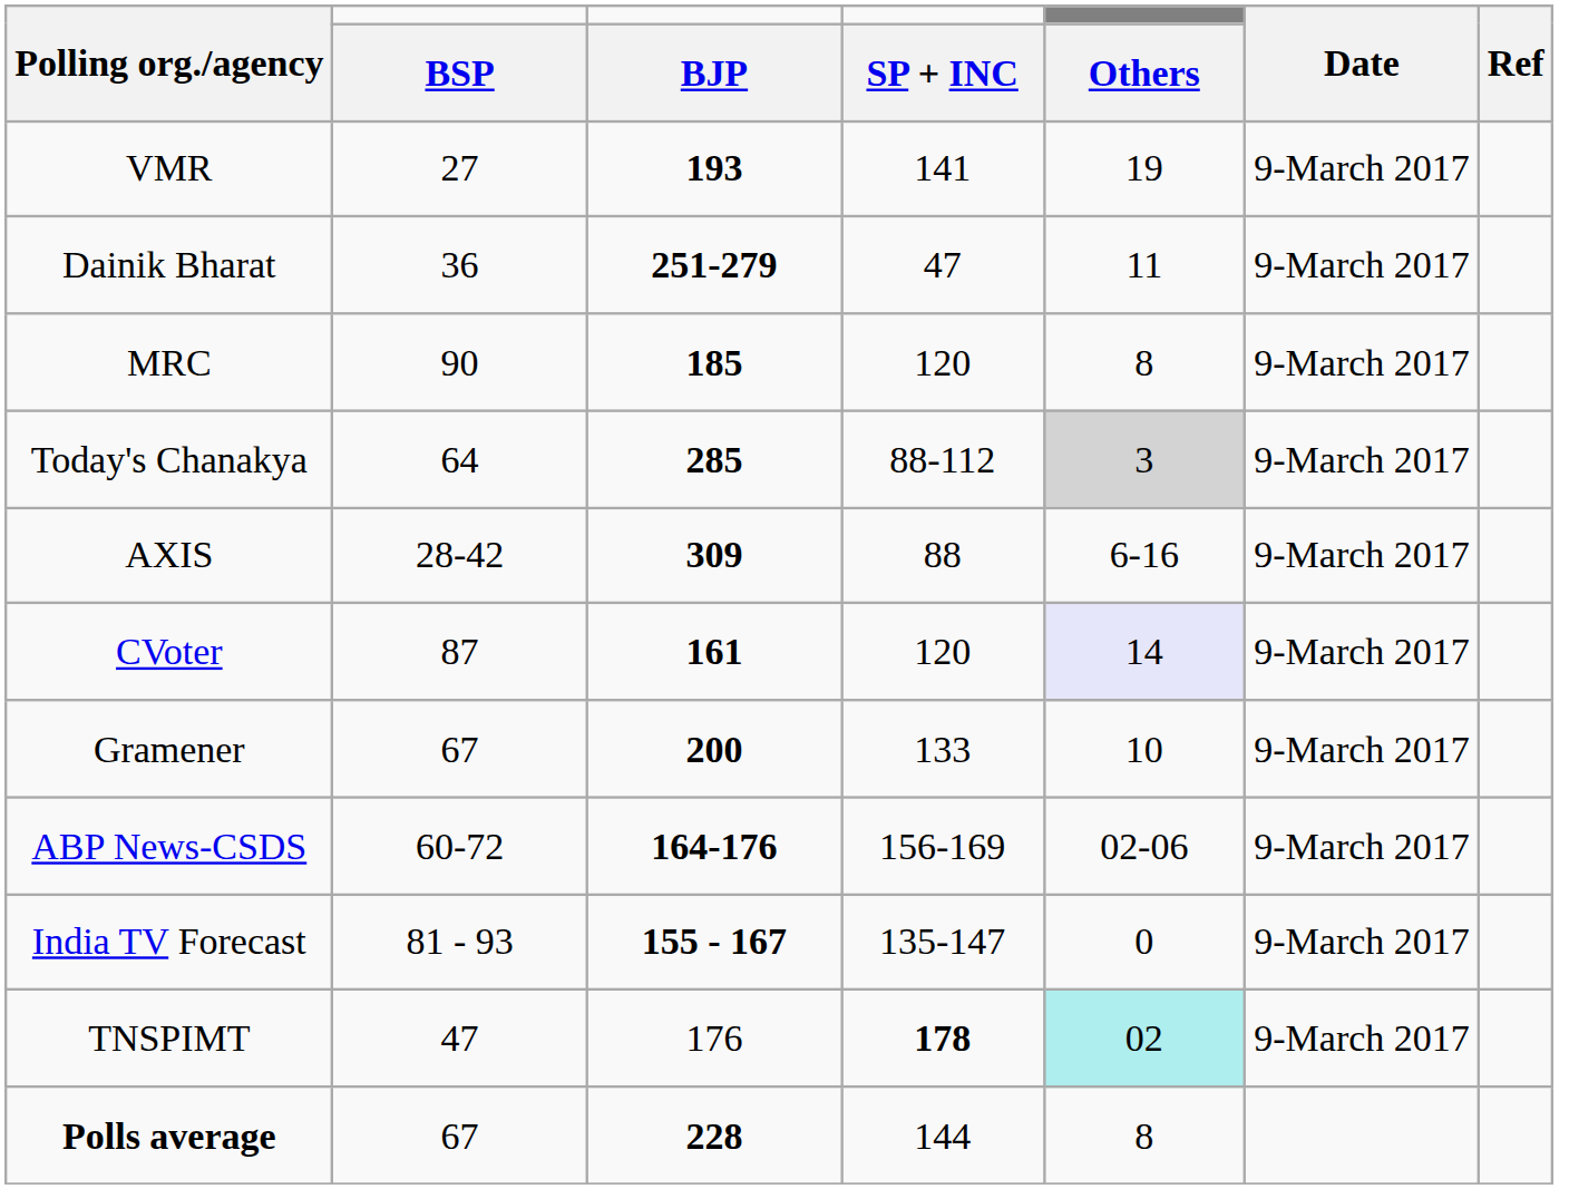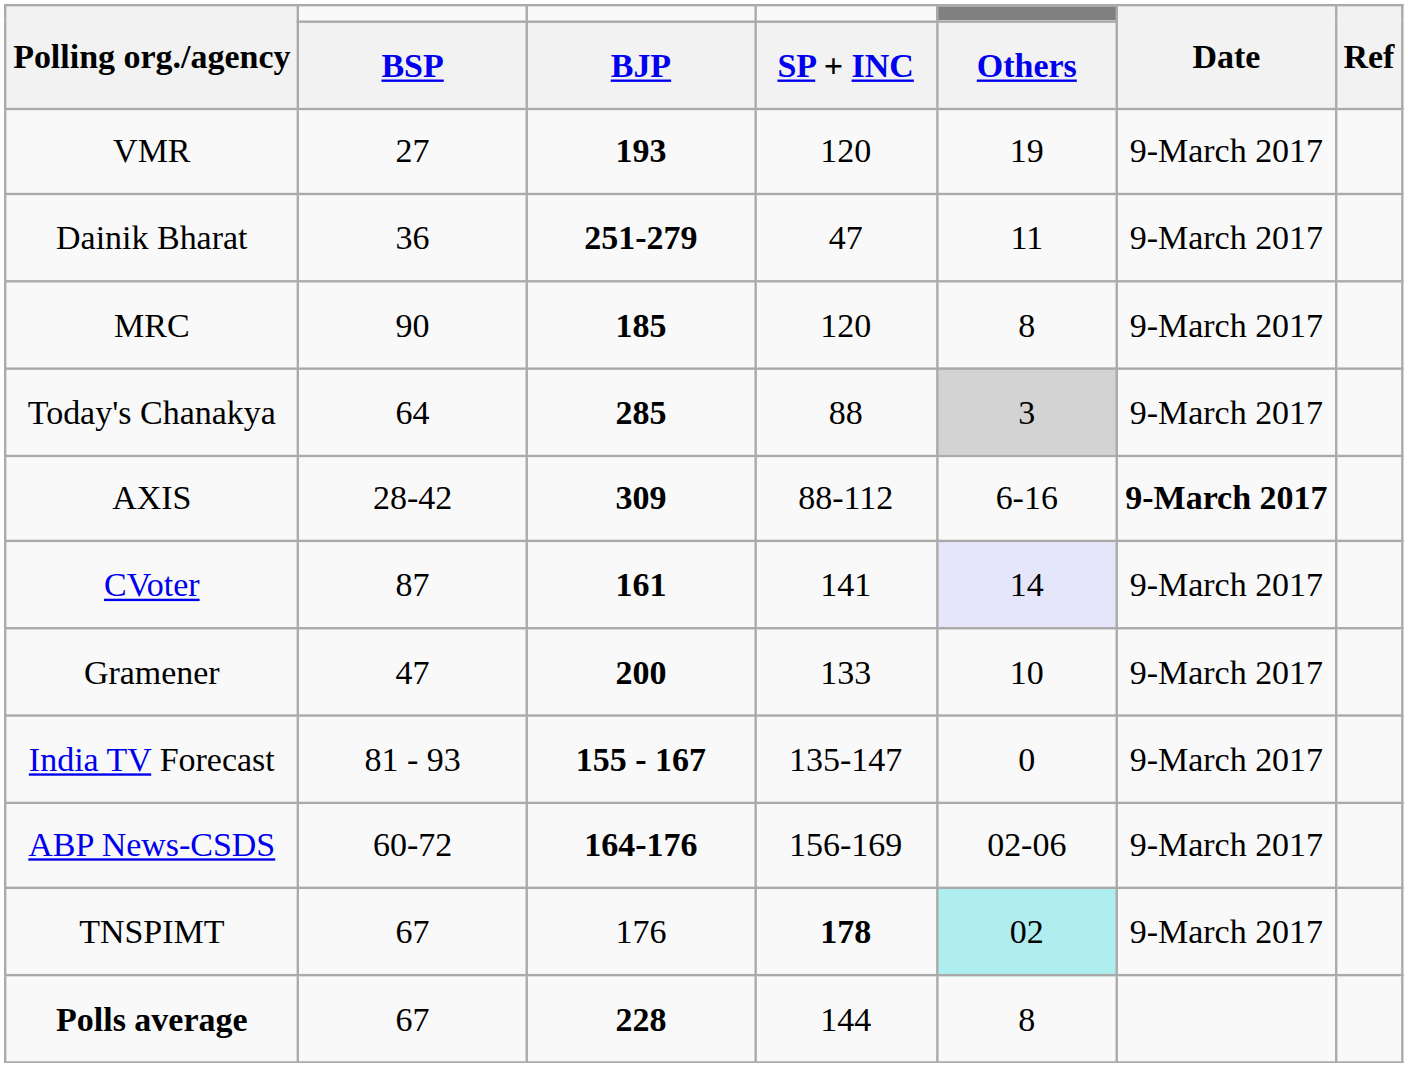 <table class="wikitable" style="text-align:center;font-size:90%;line-height:30px;">
 <tr>
 <th rowspan="2" class="wikitable">Polling org./agency</th>
 <td></td>
 <td></td>
 <td></td>
 <td style="background:gray;"></td>
 <th class="wikitable" rowspan="2">Date</th>
 <th class="wikitable" rowspan="2">Ref</th>
 </tr>
 <tr>
 <th style="width:90px;" class="wikitable"><a href='#'>BSP</a></th>
 <th style="width:90px;" class="wikitable"><a href='#'>BJP</a></th>
 <th style="width:70px;" class="wikitable"><a href='#'>SP</a> + <a href='#'>INC</a></th>
 <th style="width:70px;" class="wikitable"><a href='#'>Others</a></th>
 </tr>
 <tr>
 <td>VMR</td>
 <td>27</td>
 <td><strong>193</strong></td>
-<td>141</td>
+<td>120</td>
 <td>19</td>
 <td>9-March 2017</td>
 <td></td>
 </tr>
 <tr>
 <td>Dainik Bharat</td>
 <td>36</td>
 <td><strong>251-279</strong></td>
 <td>47</td>
 <td>11</td>
 <td>9-March 2017</td>
 <td></td>
 </tr>
 <tr>
 <td>MRC</td>
 <td>90</td>
 <td><strong>185</strong></td>
 <td>120</td>
 <td>8</td>
 <td>9-March 2017</td>
 <td></td>
 </tr>
 <tr>
 <td>Today's Chanakya</td>
 <td>64</td>
 <td><strong>285</strong></td>
-<td>88-112</td>
+<td>88</td>
 <td style="background: lightgrey;">3</td>
 <td>9-March 2017</td>
 <td></td>
 </tr>
 <tr>
 <td>AXIS</td>
 <td>28-42</td>
 <td><strong>309</strong></td>
-<td>88</td>
+<td>88-112</td>
 <td>6-16</td>
-<td>9-March 2017</td>
+<td><strong>9-March 2017</strong></td>
 <td></td>
 </tr>
 <tr>
 <td><a href='#'>CVoter</a></td>
 <td>87</td>
 <td><strong>161</strong></td>
-<td>120</td>
+<td>141</td>
 <td style="background: lavender;">14</td>
 <td>9-March 2017</td>
 <td></td>
 </tr>
 <tr>
 <td>Gramener</td>
-<td>67</td>
+<td>47</td>
 <td><strong>200</strong></td>
 <td>133</td>
 <td>10</td>
+<td>9-March 2017</td>
+<td></td>
+</tr>
+<tr>
+<td><a href='#'>India TV</a> Forecast</td>
+<td>81 - 93</td>
+<td><strong>155 - 167</strong></td>
+<td>135-147</td>
+<td>0</td>
 <td>9-March 2017</td>
 <td></td>
 </tr>
 <tr>
 <td><a href='#'>ABP News-CSDS</a></td>
 <td>60-72</td>
 <td><strong>164-176</strong></td>
 <td>156-169</td>
 <td>02-06</td>
 <td>9-March 2017</td>
 <td></td>
 </tr>
 <tr>
-<td><a href='#'>India TV</a> Forecast</td>
-<td>81 - 93</td>
-<td><strong>155 - 167</strong></td>
-<td>135-147</td>
-<td>0</td>
-<td>9-March 2017</td>
-<td></td>
-</tr>
-<tr>
 <td>TNSPIMT</td>
-<td>47</td>
+<td>67</td>
 <td>176</td>
 <td><strong>178</strong></td>
 <td style="background: paleturquoise;">02</td>
 <td>9-March 2017</td>
 <td></td>
 </tr>
 <tr>
 <td><strong>Polls average</strong></td>
 <td>67</td>
 <td><strong>228</strong></td>
 <td>144</td>
 <td>8</td>
 <td></td>
 <td></td>
 </tr>
 </table>
